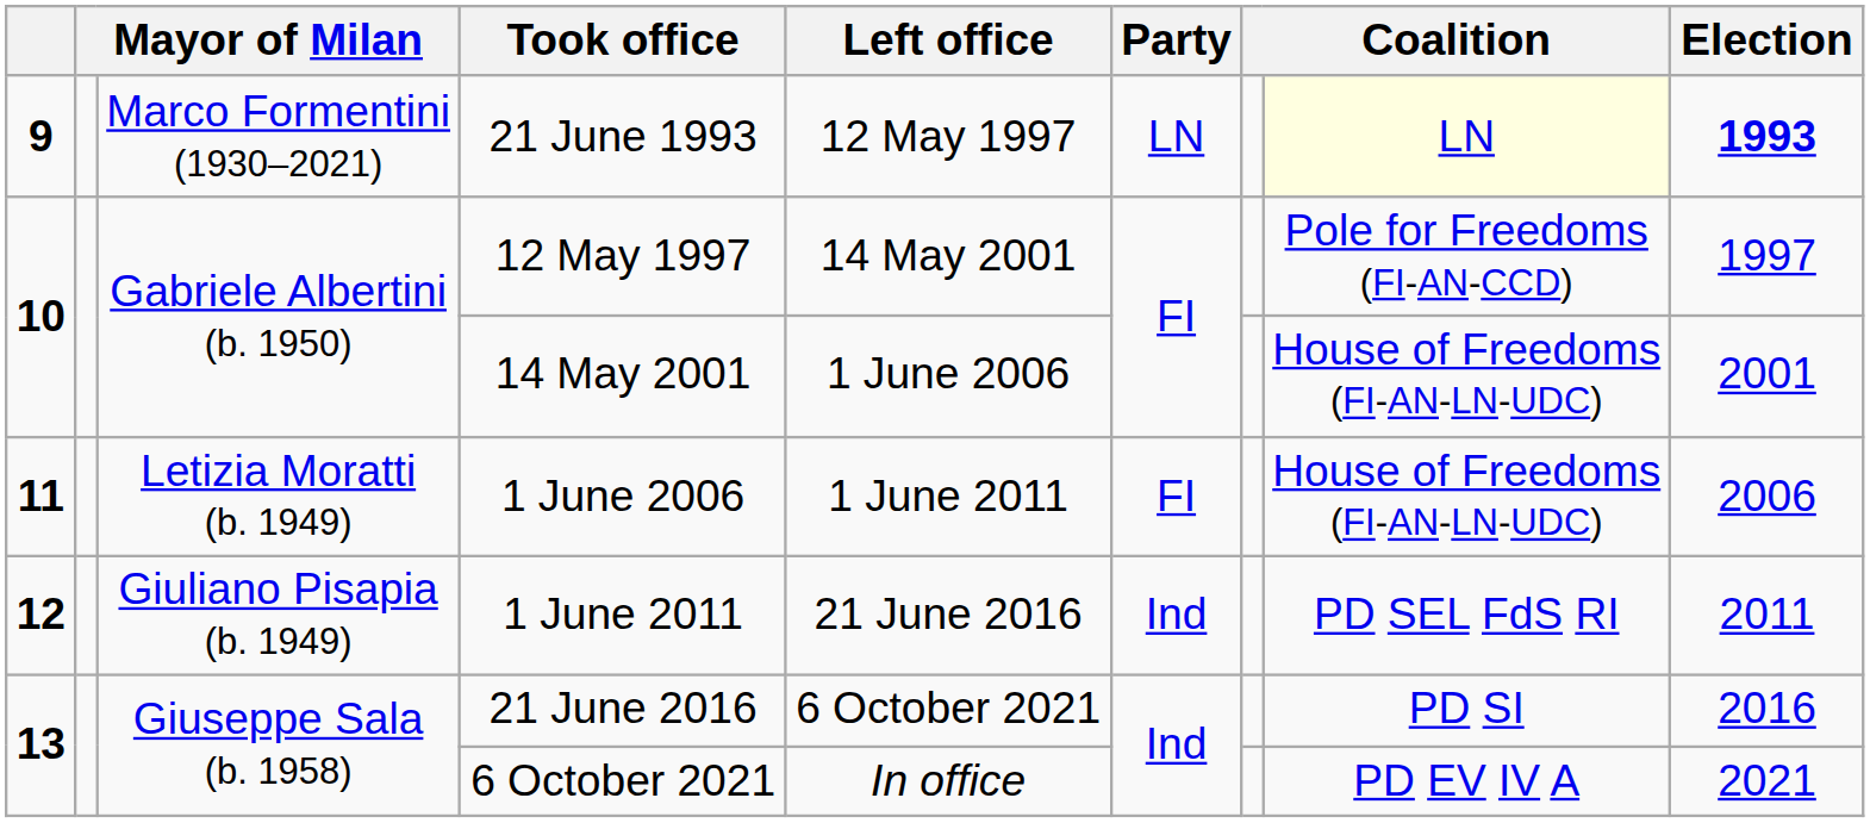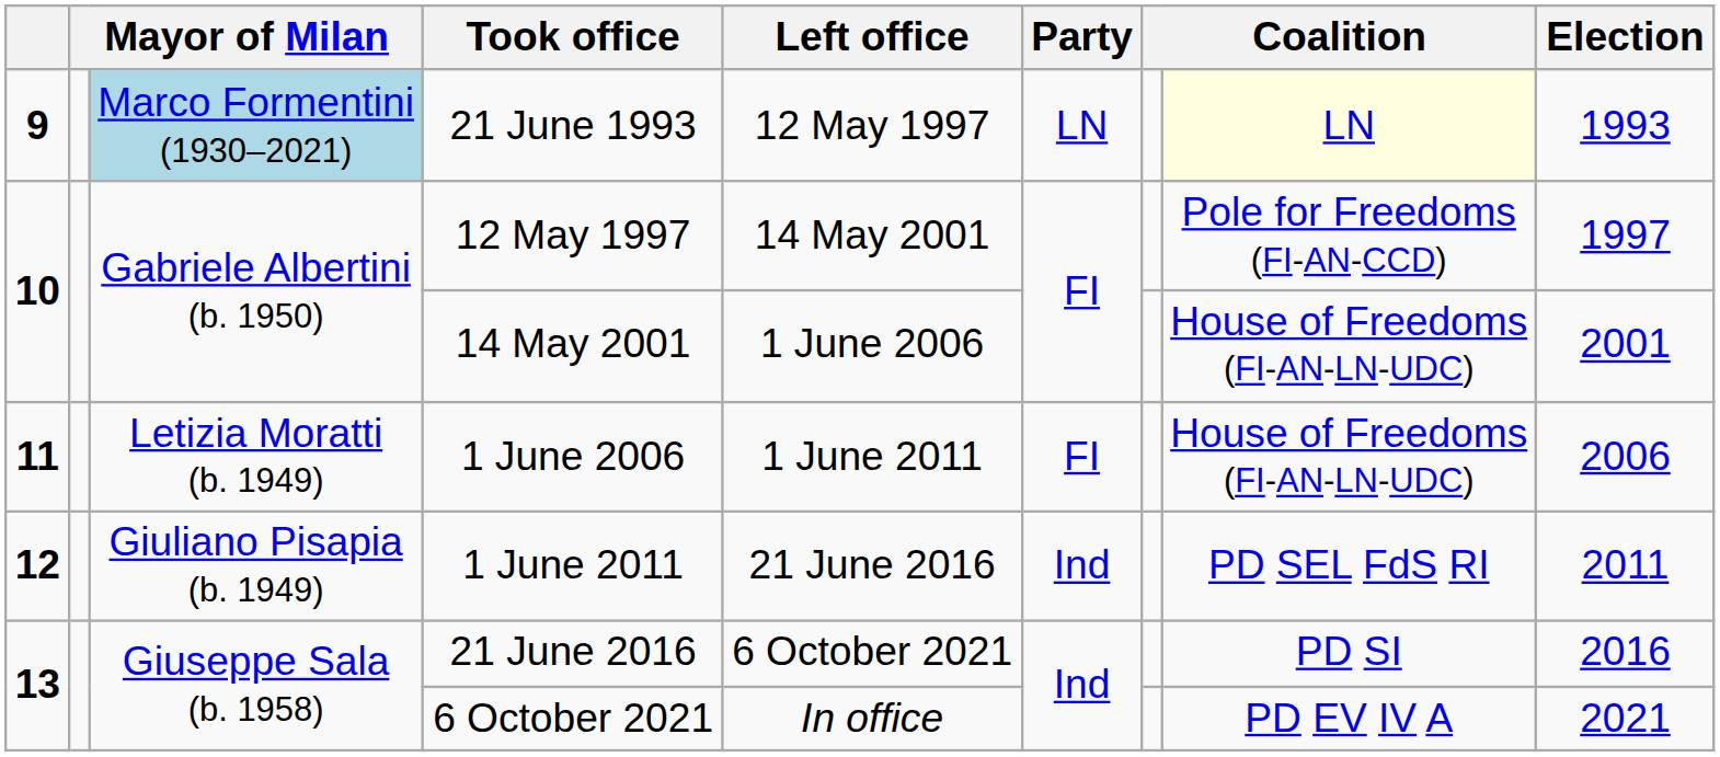 <table class="wikitable" style="text-align: center;">
 <tr>
 <th><br></th>
 <th colspan="2">Mayor of <a href='#'>Milan</a></th>
 <th>Took office</th>
 <th>Left office</th>
 <th>Party</th>
 <th colspan="2">Coalition</th>
 <th>Election</th>
 </tr>
 <tr>
 <td rowspan="1" style="background: "><strong>9</strong></td>
 <td rowspan="1"></td>
-<td rowspan="1"><a href='#'>Marco Formentini</a> <br><small>(1930–2021)</small></td>
+<td rowspan="1" style="background: lightblue;"><a href='#'>Marco Formentini</a> <br><small>(1930–2021)</small></td>
 <td rowspan="1">21 June 1993</td>
 <td rowspan="1">12 May 1997</td>
 <td rowspan="1"><a href='#'>LN</a></td>
 <td style="background: "></td>
 <td style="background: lightyellow;"><a href='#'>LN</a></td>
-<td><strong><a href='#'>1993</a></strong></td>
+<td><a href='#'>1993</a></td>
 </tr>
 <tr>
 <td rowspan="2" style="background: "><strong>10</strong></td>
 <td rowspan="2"></td>
 <td rowspan="2"><a href='#'>Gabriele Albertini</a> <br><small>(b. 1950)</small></td>
 <td>12 May 1997</td>
 <td>14 May 2001</td>
 <td rowspan="2"><a href='#'>FI</a></td>
 <td style="background: "></td>
 <td><a href='#'>Pole for Freedoms</a><br><small>(<a href='#'>FI</a>-<a href='#'>AN</a>-<a href='#'>CCD</a>)</small></td>
 <td><a href='#'>1997</a></td>
 </tr>
 <tr>
 <td>14 May 2001</td>
 <td>1 June 2006</td>
 <td style="background: "></td>
 <td><a href='#'>House of Freedoms</a><br><small>(<a href='#'>FI</a>-<a href='#'>AN</a>-<a href='#'>LN</a>-<a href='#'>UDC</a>)</small></td>
 <td><a href='#'>2001</a></td>
 </tr>
 <tr>
 <td rowspan="1" style="background: "><strong>11</strong></td>
 <td rowspan="1"></td>
 <td rowspan="1"><a href='#'>Letizia Moratti</a> <br><small>(b. 1949)</small></td>
 <td rowspan="1">1 June 2006</td>
 <td rowspan="1">1 June 2011</td>
 <td rowspan="1"><a href='#'>FI</a></td>
 <td style="background: "></td>
 <td><a href='#'>House of Freedoms</a><br><small>(<a href='#'>FI</a>-<a href='#'>AN</a>-<a href='#'>LN</a>-<a href='#'>UDC</a>)</small></td>
 <td><a href='#'>2006</a></td>
 </tr>
 <tr>
 <td rowspan="1" style="background: "><strong>12</strong></td>
 <td rowspan="1"></td>
 <td rowspan="1"><a href='#'>Giuliano Pisapia</a> <br><small>(b. 1949)</small></td>
 <td rowspan="1">1 June 2011</td>
 <td rowspan="1">21 June 2016</td>
 <td rowspan="1"><a href='#'>Ind</a></td>
 <td style="background: "></td>
 <td><a href='#'>PD</a>  <a href='#'>SEL</a>  <a href='#'>FdS</a>  <a href='#'>RI</a></td>
 <td><a href='#'>2011</a></td>
 </tr>
 <tr>
 <td rowspan="2" style="background: "><strong>13</strong></td>
 <td rowspan="2"></td>
 <td rowspan="2"><a href='#'>Giuseppe Sala</a> <br><small>(b. 1958)</small></td>
 <td>21 June 2016</td>
 <td>6 October 2021</td>
 <td rowspan="2"><a href='#'>Ind</a></td>
 <td style="background: "></td>
 <td><a href='#'>PD</a>  <a href='#'>SI</a></td>
 <td><a href='#'>2016</a></td>
 </tr>
 <tr>
 <td>6 October 2021</td>
 <td><em>In office</em></td>
 <td style="background: "></td>
 <td><a href='#'>PD</a>  <a href='#'>EV</a>  <a href='#'>IV</a>  <a href='#'>A</a></td>
 <td><a href='#'>2021</a></td>
 </tr>
 </table>
